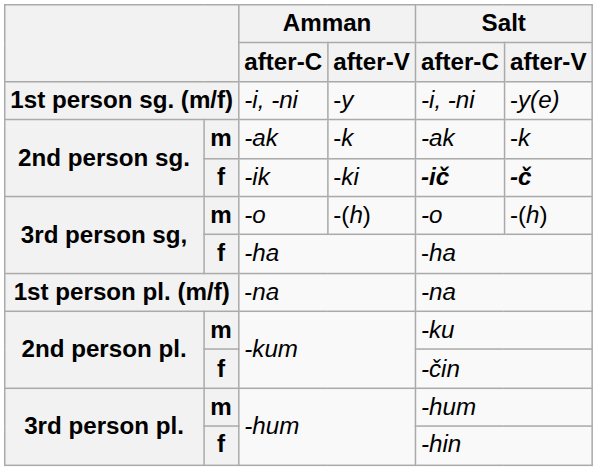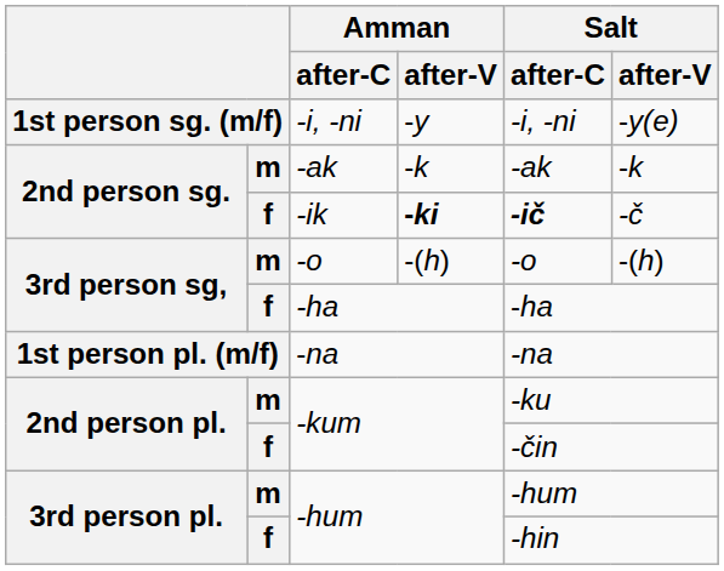 <table class="wikitable">
 <tr>
 <th colspan="2" rowspan="2"></th>
 <th colspan="2">Amman</th>
 <th colspan="2">Salt</th>
 </tr>
 <tr>
 <th>after-C</th>
 <th>after-V</th>
 <th>after-C</th>
 <th>after-V</th>
 </tr>
 <tr>
 <th colspan="2">1st person sg. (m/f)</th>
 <td><em>-i, -ni</em></td>
 <td>-<em>y</em></td>
 <td><em>-i, -ni</em></td>
 <td>-<em>y(e)</em></td>
 </tr>
 <tr>
 <th rowspan="2">2nd person sg.</th>
 <th>m</th>
 <td><em>-ak</em></td>
 <td>-<em>k</em></td>
 <td><em>-ak</em></td>
 <td>-<em>k</em></td>
 </tr>
 <tr>
 <th>f</th>
 <td><em>-ik</em></td>
-<td>-<em>ki</em></td>
+<td><strong>-<em>ki</em></strong></td>
 <td><strong><em>-ič</em></strong></td>
-<td><strong><em>-č</em></strong></td>
+<td><em>-č</em></td>
 </tr>
 <tr>
 <th rowspan="2">3rd person sg,</th>
 <th>m</th>
 <td><em>-o</em></td>
 <td>-(<em>h</em>)</td>
 <td><em>-o</em></td>
 <td>-(<em>h</em>)</td>
 </tr>
 <tr>
 <th>f</th>
 <td colspan="2"><em>-ha</em></td>
 <td colspan="2">-<em>ha</em></td>
 </tr>
 <tr>
 <th colspan="2">1st person pl. (m/f)</th>
 <td colspan="2">-<em>na</em></td>
 <td colspan="2"><em>-na</em></td>
 </tr>
 <tr>
 <th rowspan="2">2nd person pl.</th>
 <th>m</th>
 <td colspan="2" rowspan="2"><em>-kum</em></td>
 <td colspan="2"><em>-ku</em></td>
 </tr>
 <tr>
 <th>f</th>
 <td colspan="2"><em>-čin</em></td>
 </tr>
 <tr>
 <th rowspan="2">3rd person pl.</th>
 <th>m</th>
 <td colspan="2" rowspan="2"><em>-hum</em></td>
 <td colspan="2"><em>-hum</em></td>
 </tr>
 <tr>
 <th>f</th>
 <td colspan="2"><em>-hin</em></td>
 </tr>
 </table>
